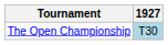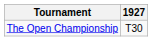 <table class="wikitable" style="font-size:95%;text-align:center;">
 <tr>
 <th>Tournament</th>
 <th>1927</th>
 </tr>
 <tr>
 <td align=left><a href='#'>The Open Championship</a></td>
-<td style="background: lightblue;">T30</td>
+<td>T30</td>
 </tr>
 </table>
